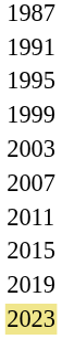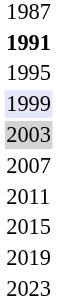 <table>
 <tr>
 <td>1987<br></td>
 <td></td>
 <td></td>
 <td></td>
 </tr>
 <tr>
-<td>1991<br></td>
+<td><strong>1991<br></strong></td>
 <td></td>
 <td></td>
 <td></td>
 </tr>
 <tr>
 <td>1995<br></td>
 <td></td>
 <td></td>
 <td></td>
 </tr>
 <tr>
-<td>1999<br></td>
+<td style="background: lavender;">1999<br></td>
 <td></td>
 <td></td>
 <td></td>
 </tr>
 <tr>
-<td>2003</td>
+<td style="background: lightgrey;">2003</td>
 <td></td>
 <td></td>
 <td></td>
 </tr>
 <tr>
 <td>2007</td>
 <td></td>
 <td></td>
 <td></td>
 </tr>
 <tr>
 <td>2011<br></td>
 <td></td>
 <td></td>
 <td></td>
 </tr>
 <tr>
 <td>2015<br></td>
 <td></td>
 <td></td>
 <td></td>
 </tr>
 <tr>
 <td>2019<br></td>
 <td></td>
 <td></td>
 <td></td>
 </tr>
 <tr>
-<td style="background: khaki;">2023<br></td>
+<td>2023<br></td>
 <td></td>
 <td></td>
 <td></td>
 </tr>
 </table>
